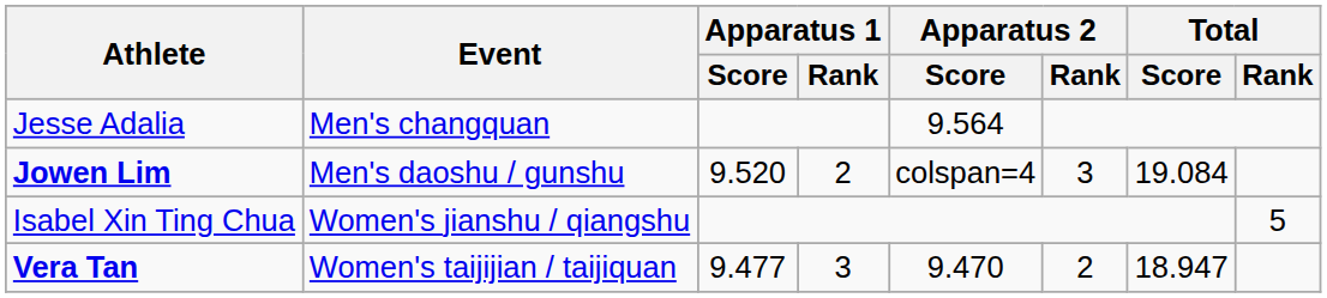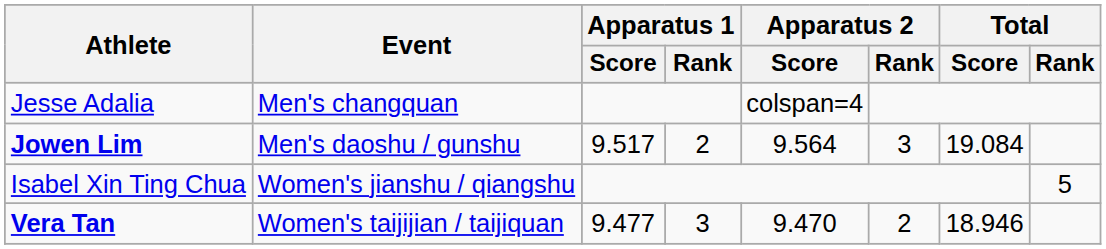 <table class=wikitable style=font-size:90%;text-align:center>
 <tr>
 <th rowspan=2>Athlete</th>
 <th rowspan=2>Event</th>
 <th colspan=2>Apparatus 1</th>
 <th colspan=2>Apparatus 2</th>
 <th colspan=2>Total</th>
 </tr>
 <tr style=font-size:95%>
 <th>Score</th>
 <th>Rank</th>
 <th>Score</th>
 <th>Rank</th>
 <th>Score</th>
 <th>Rank</th>
 </tr>
 <tr>
 <td align=left><a href='#'>Jesse Adalia</a></td>
 <td align=left><a href='#'>Men's changquan</a></td>
 <td colspan=2></td>
-<td>9.564</td>
+<td>colspan=4 </td>
 </tr>
 <tr>
 <td align=left><strong><a href='#'>Jowen Lim</a></strong></td>
 <td align=left><a href='#'>Men's daoshu / gunshu</a></td>
-<td>9.520</td>
+<td>9.517</td>
 <td>2</td>
-<td>colspan=4 </td>
+<td>9.564</td>
 <td>3</td>
 <td>19.084</td>
 <td></td>
 </tr>
 <tr>
 <td align=left><a href='#'>Isabel Xin Ting Chua</a></td>
 <td align=left><a href='#'>Women's jianshu / qiangshu</a></td>
 <td colspan=5></td>
 <td>5</td>
 </tr>
 <tr>
 <td align=left><strong><a href='#'>Vera Tan</a></strong></td>
 <td align=left><a href='#'>Women's taijijian / taijiquan</a></td>
 <td>9.477</td>
 <td>3</td>
 <td>9.470</td>
 <td>2</td>
-<td>18.947</td>
+<td>18.946</td>
 <td></td>
 </tr>
 </table>
